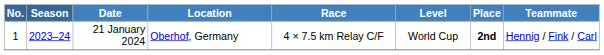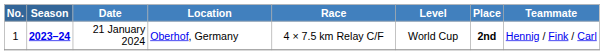 <table class="wikitable sortable" style="font-size:95%; text-align:center; border:grey solid 1px; border-collapse:collapse; background:#ffffff;">
 <tr style="background:#efefef;">
 <th style="background-color:#369; color:white;">No.</th>
 <th style="background-color:#369; color:white;">Season</th>
 <th style="background-color:#4180be; color:white; width:100px;">Date</th>
 <th style="background-color:#4180be; color:white; width:170px;">Location</th>
 <th style="background-color:#4180be; color:white; width:170px;">Race</th>
 <th style="background-color:#4180be; color:white; width:100px;">Level</th>
 <th style="background-color:#4180be; color:white;">Place</th>
 <th style="background-color:#4180be; color:white;">Teammate</th>
 </tr>
 <tr>
 <td align=center>1</td>
-<td rowspan=1 align=center><a href='#'>2023–24</a></td>
+<td rowspan=1 align=center><strong><a href='#'>2023–24</a></strong></td>
 <td align=right>21 January 2024</td>
 <td align=left> <a href='#'>Oberhof</a>, Germany</td>
 <td>4  × 7.5 km Relay C/F</td>
 <td>World Cup</td>
 <td><strong>2nd</strong></td>
 <td><a href='#'>Hennig</a> / <a href='#'>Fink</a> / <a href='#'>Carl</a></td>
 </tr>
 <tr>
 </tr>
 </table>
